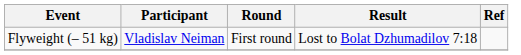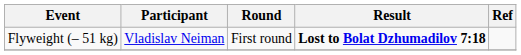 <table class="wikitable" style="font-size: 95%;">
 <tr>
 <th>Event</th>
 <th>Participant</th>
 <th>Round</th>
 <th>Result</th>
 <th>Ref</th>
 </tr>
 <tr>
 <td>Flyweight (– 51 kg)</td>
 <td><a href='#'>Vladislav Neiman</a></td>
 <td>First round</td>
-<td>Lost to <a href='#'>Bolat Dzhumadilov</a>  7:18</td>
+<td><strong>Lost to <a href='#'>Bolat Dzhumadilov</a>  7:18</strong></td>
 <td></td>
 </tr>
 <tr>
 </tr>
 </table>
